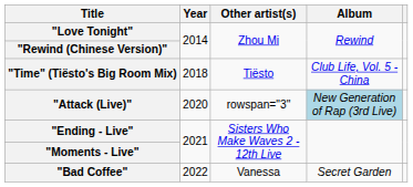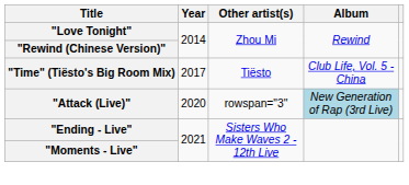 <table class="wikitable plainrowheaders" style="text-align:center;">
 <tr>
 <th scope="col" style="width:15em;">Title</th>
 <th scope="col">Year</th>
 <th scope="col" style="width:8em;">Other artist(s)</th>
 <th scope="col" style="width:8em;">Album</th>
 <th scope="col"></th>
 </tr>
 <tr>
 <th scope="row">"Love Tonight"</th>
 <td rowspan="2">2014</td>
 <td rowspan="2"><a href='#'>Zhou Mi</a></td>
 <td rowspan="2"><em><a href='#'>Rewind</a></em></td>
 <td rowspan="2" style="text-align:center;"></td>
 </tr>
 <tr>
 <th scope="row">"Rewind (Chinese Version)"</th>
 </tr>
 <tr>
 <th scope="row">"Time" (Tiësto's Big Room Mix)</th>
-<td>2018</td>
+<td>2017</td>
 <td><a href='#'>Tiësto</a></td>
 <td><em><a href='#'>Club Life, Vol. 5 - China</a></em></td>
 <td style="text-align:center;"></td>
 </tr>
 <tr>
 <th scope="row">"Attack (Live)" </th>
 <td>2020</td>
 <td>rowspan="3" </td>
 <td style="background: lightblue;"><em>New Generation of Rap (3rd Live)</em></td>
 <td style="text-align:center;"></td>
 </tr>
 <tr>
 <th scope="row">"Ending - Live" </th>
 <td rowspan="2">2021</td>
 <td rowspan="2"><em><a href='#'>Sisters Who Make Waves 2 - 12th Live</a></em></td>
 <td rowspan="2" style="text-align:center;"></td>
 </tr>
 <tr>
 <th scope="row">"Moments - Live" </th>
 </tr>
-<tr>
-<th scope="row">"Bad Coffee" </th>
-<td>2022</td>
-<td>Vanessa</td>
-<td><em>Secret Garden</em></td>
-<td style="text-align:center;"></td>
-</tr>
 </table>
